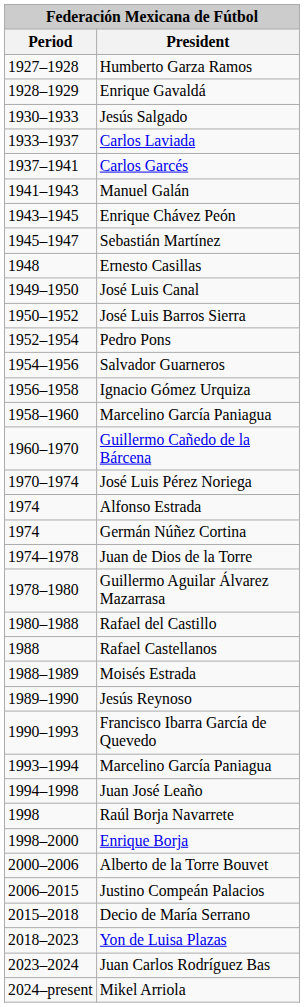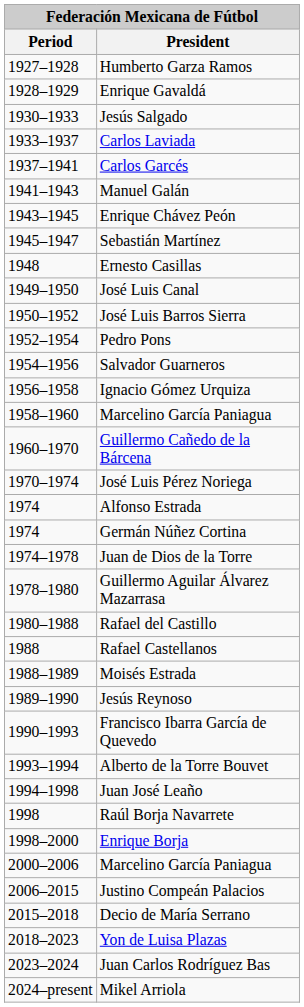 <table class="wikitable">
 <tr>
 <td colspan=2 style="background:#cccccc; text-align:center;"><strong>Federación Mexicana de Fútbol</strong></td>
 </tr>
 <tr>
 <th width= px>Period</th>
 <th width=200px>President</th>
 </tr>
 <tr>
 <td>1927–1928</td>
 <td>Humberto Garza Ramos</td>
 </tr>
 <tr>
 <td>1928–1929</td>
 <td>Enrique Gavaldá</td>
 </tr>
 <tr>
 <td>1930–1933</td>
 <td>Jesús Salgado</td>
 </tr>
 <tr>
 <td>1933–1937</td>
 <td><a href='#'>Carlos Laviada</a></td>
 </tr>
 <tr>
 <td>1937–1941</td>
 <td><a href='#'>Carlos Garcés</a></td>
 </tr>
 <tr>
 <td>1941–1943</td>
 <td>Manuel Galán</td>
 </tr>
 <tr>
 <td>1943–1945</td>
 <td>Enrique Chávez Peón</td>
 </tr>
 <tr>
 <td>1945–1947</td>
 <td>Sebastián Martínez</td>
 </tr>
 <tr>
 <td>1948</td>
 <td>Ernesto Casillas</td>
 </tr>
 <tr>
 <td>1949–1950</td>
 <td>José Luis Canal</td>
 </tr>
 <tr>
 <td>1950–1952</td>
 <td>José Luis Barros Sierra</td>
 </tr>
 <tr>
 <td>1952–1954</td>
 <td>Pedro Pons</td>
 </tr>
 <tr>
 <td>1954–1956</td>
 <td>Salvador Guarneros</td>
 </tr>
 <tr>
 <td>1956–1958</td>
 <td>Ignacio Gómez Urquiza</td>
 </tr>
 <tr>
 <td>1958–1960</td>
 <td>Marcelino García Paniagua</td>
 </tr>
 <tr>
 <td>1960–1970</td>
 <td><a href='#'>Guillermo Cañedo de la Bárcena</a></td>
 </tr>
 <tr>
 <td>1970–1974</td>
 <td>José Luis Pérez Noriega</td>
 </tr>
 <tr>
 <td>1974</td>
 <td>Alfonso Estrada</td>
 </tr>
 <tr>
 <td>1974</td>
 <td>Germán Núñez Cortina</td>
 </tr>
 <tr>
 <td>1974–1978</td>
 <td>Juan de Dios de la Torre</td>
 </tr>
 <tr>
 <td>1978–1980</td>
 <td>Guillermo Aguilar Álvarez Mazarrasa</td>
 </tr>
 <tr>
 <td>1980–1988</td>
 <td>Rafael del Castillo</td>
 </tr>
 <tr>
 <td>1988</td>
 <td>Rafael Castellanos</td>
 </tr>
 <tr>
 <td>1988–1989</td>
 <td>Moisés Estrada</td>
 </tr>
 <tr>
 <td>1989–1990</td>
 <td>Jesús Reynoso</td>
 </tr>
 <tr>
 <td>1990–1993</td>
 <td>Francisco Ibarra García de Quevedo</td>
 </tr>
 <tr>
 <td>1993–1994</td>
-<td>Marcelino García Paniagua</td>
+<td>Alberto de la Torre Bouvet</td>
 </tr>
 <tr>
 <td>1994–1998</td>
 <td>Juan José Leaño</td>
 </tr>
 <tr>
 <td>1998</td>
 <td>Raúl Borja Navarrete</td>
 </tr>
 <tr>
 <td>1998–2000</td>
 <td><a href='#'>Enrique Borja</a></td>
 </tr>
 <tr>
 <td>2000–2006</td>
-<td>Alberto de la Torre Bouvet</td>
+<td>Marcelino García Paniagua</td>
 </tr>
 <tr>
 <td>2006–2015</td>
 <td>Justino Compeán Palacios</td>
 </tr>
 <tr>
 <td>2015–2018</td>
 <td>Decio de María Serrano</td>
 </tr>
 <tr>
 <td>2018–2023</td>
 <td><a href='#'>Yon de Luisa Plazas</a></td>
 </tr>
 <tr>
 <td>2023–2024</td>
 <td>Juan Carlos Rodríguez Bas</td>
 </tr>
 <tr>
 <td>2024–present</td>
 <td>Mikel Arriola</td>
 </tr>
 </table>
